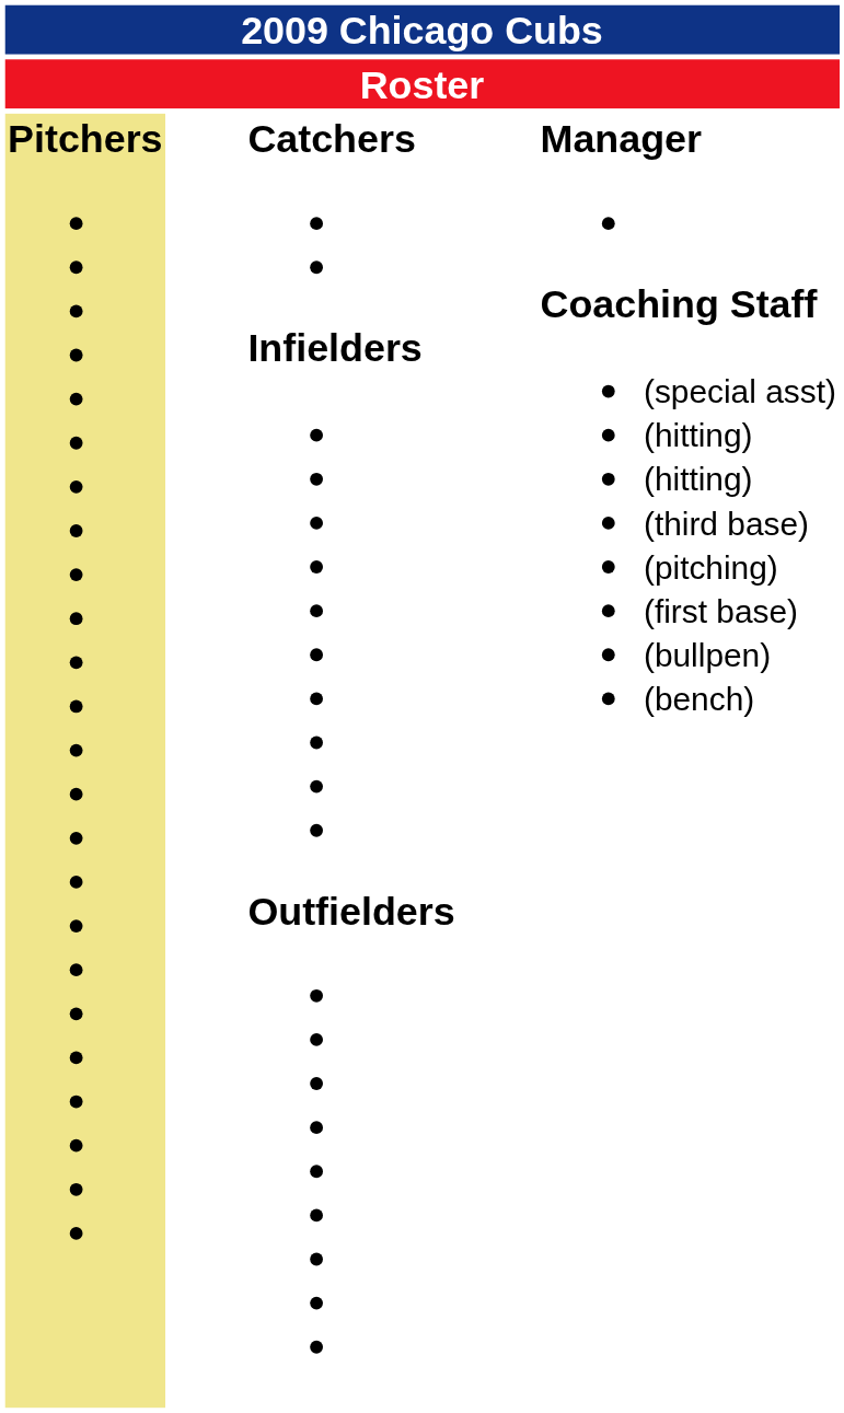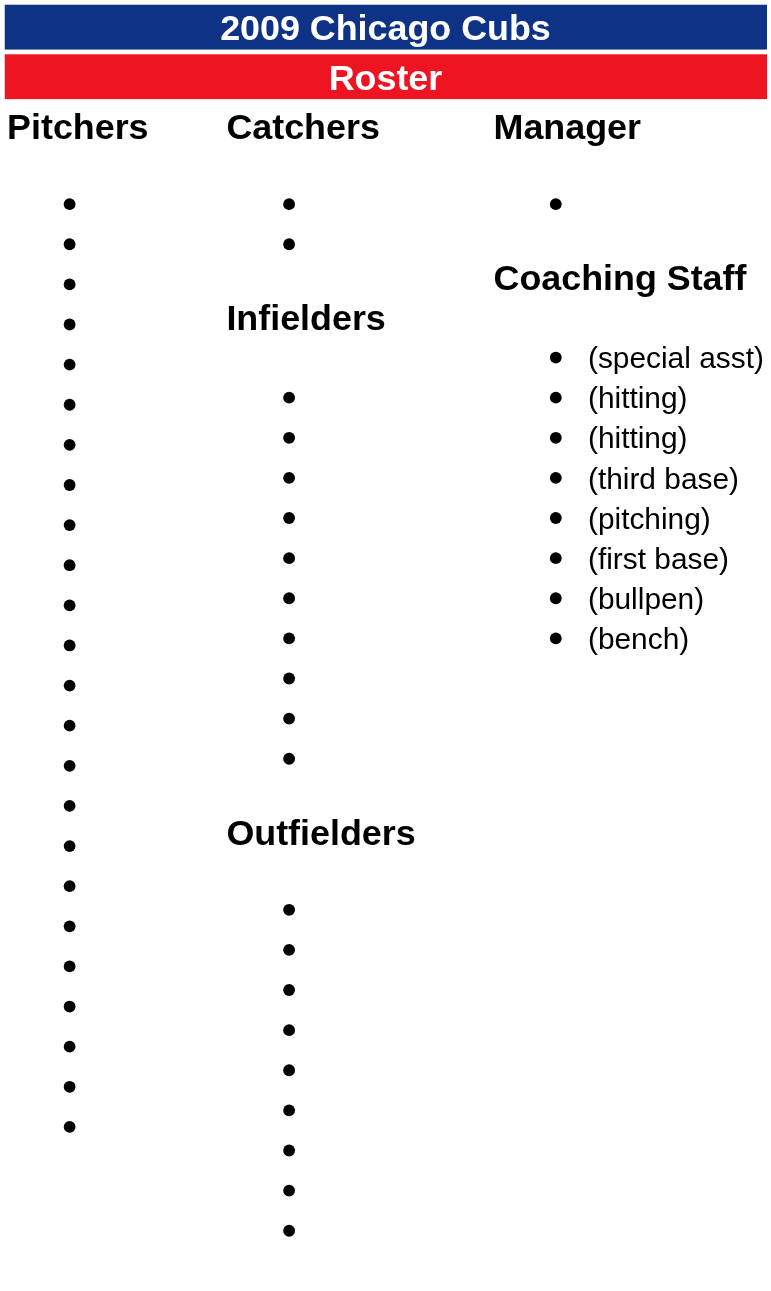 <table class="toccolours" style="font-size: 95%;">
 <tr>
 <th colspan="10" style="background-color: #0e3386; color: white; text-align: center;">2009 Chicago Cubs</th>
 </tr>
 <tr>
 <td colspan="10" style="background-color: #EE1422; color: white; text-align: center;"><strong>Roster</strong></td>
 </tr>
 <tr>
-<td valign="top" style="background: khaki;"><strong>Pitchers</strong><br><ul><li></li><li></li><li></li><li></li><li></li><li></li><li></li><li></li><li></li><li></li><li></li><li></li><li></li><li></li><li></li><li></li><li></li><li></li><li></li><li></li><li></li><li></li><li></li><li></li></ul></td>
+<td valign="top"><strong>Pitchers</strong><br><ul><li></li><li></li><li></li><li></li><li></li><li></li><li></li><li></li><li></li><li></li><li></li><li></li><li></li><li></li><li></li><li></li><li></li><li></li><li></li><li></li><li></li><li></li><li></li><li></li></ul></td>
 <td width="25px"></td>
 <td valign="top"><strong>Catchers</strong><br><ul><li></li><li></li></ul><strong>Infielders</strong><ul><li></li><li></li><li></li><li></li><li></li><li></li><li></li><li></li><li></li><li></li></ul><strong>Outfielders</strong><ul><li></li><li></li><li></li><li></li><li></li><li></li><li></li><li></li><li></li></ul></td>
 <td width="25px"></td>
 <td valign="top"><strong>Manager</strong><br><ul><li></li></ul><strong>Coaching Staff</strong><ul><li> <small>(special asst)</small></li><li> <small>(hitting)</small></li><li> <small>(hitting)</small></li><li> <small>(third base)</small></li><li> <small>(pitching)</small></li><li> <small>(first base)</small></li><li> <small>(bullpen)</small></li><li> <small>(bench)</small></li></ul></td>
 </tr>
 </table>
